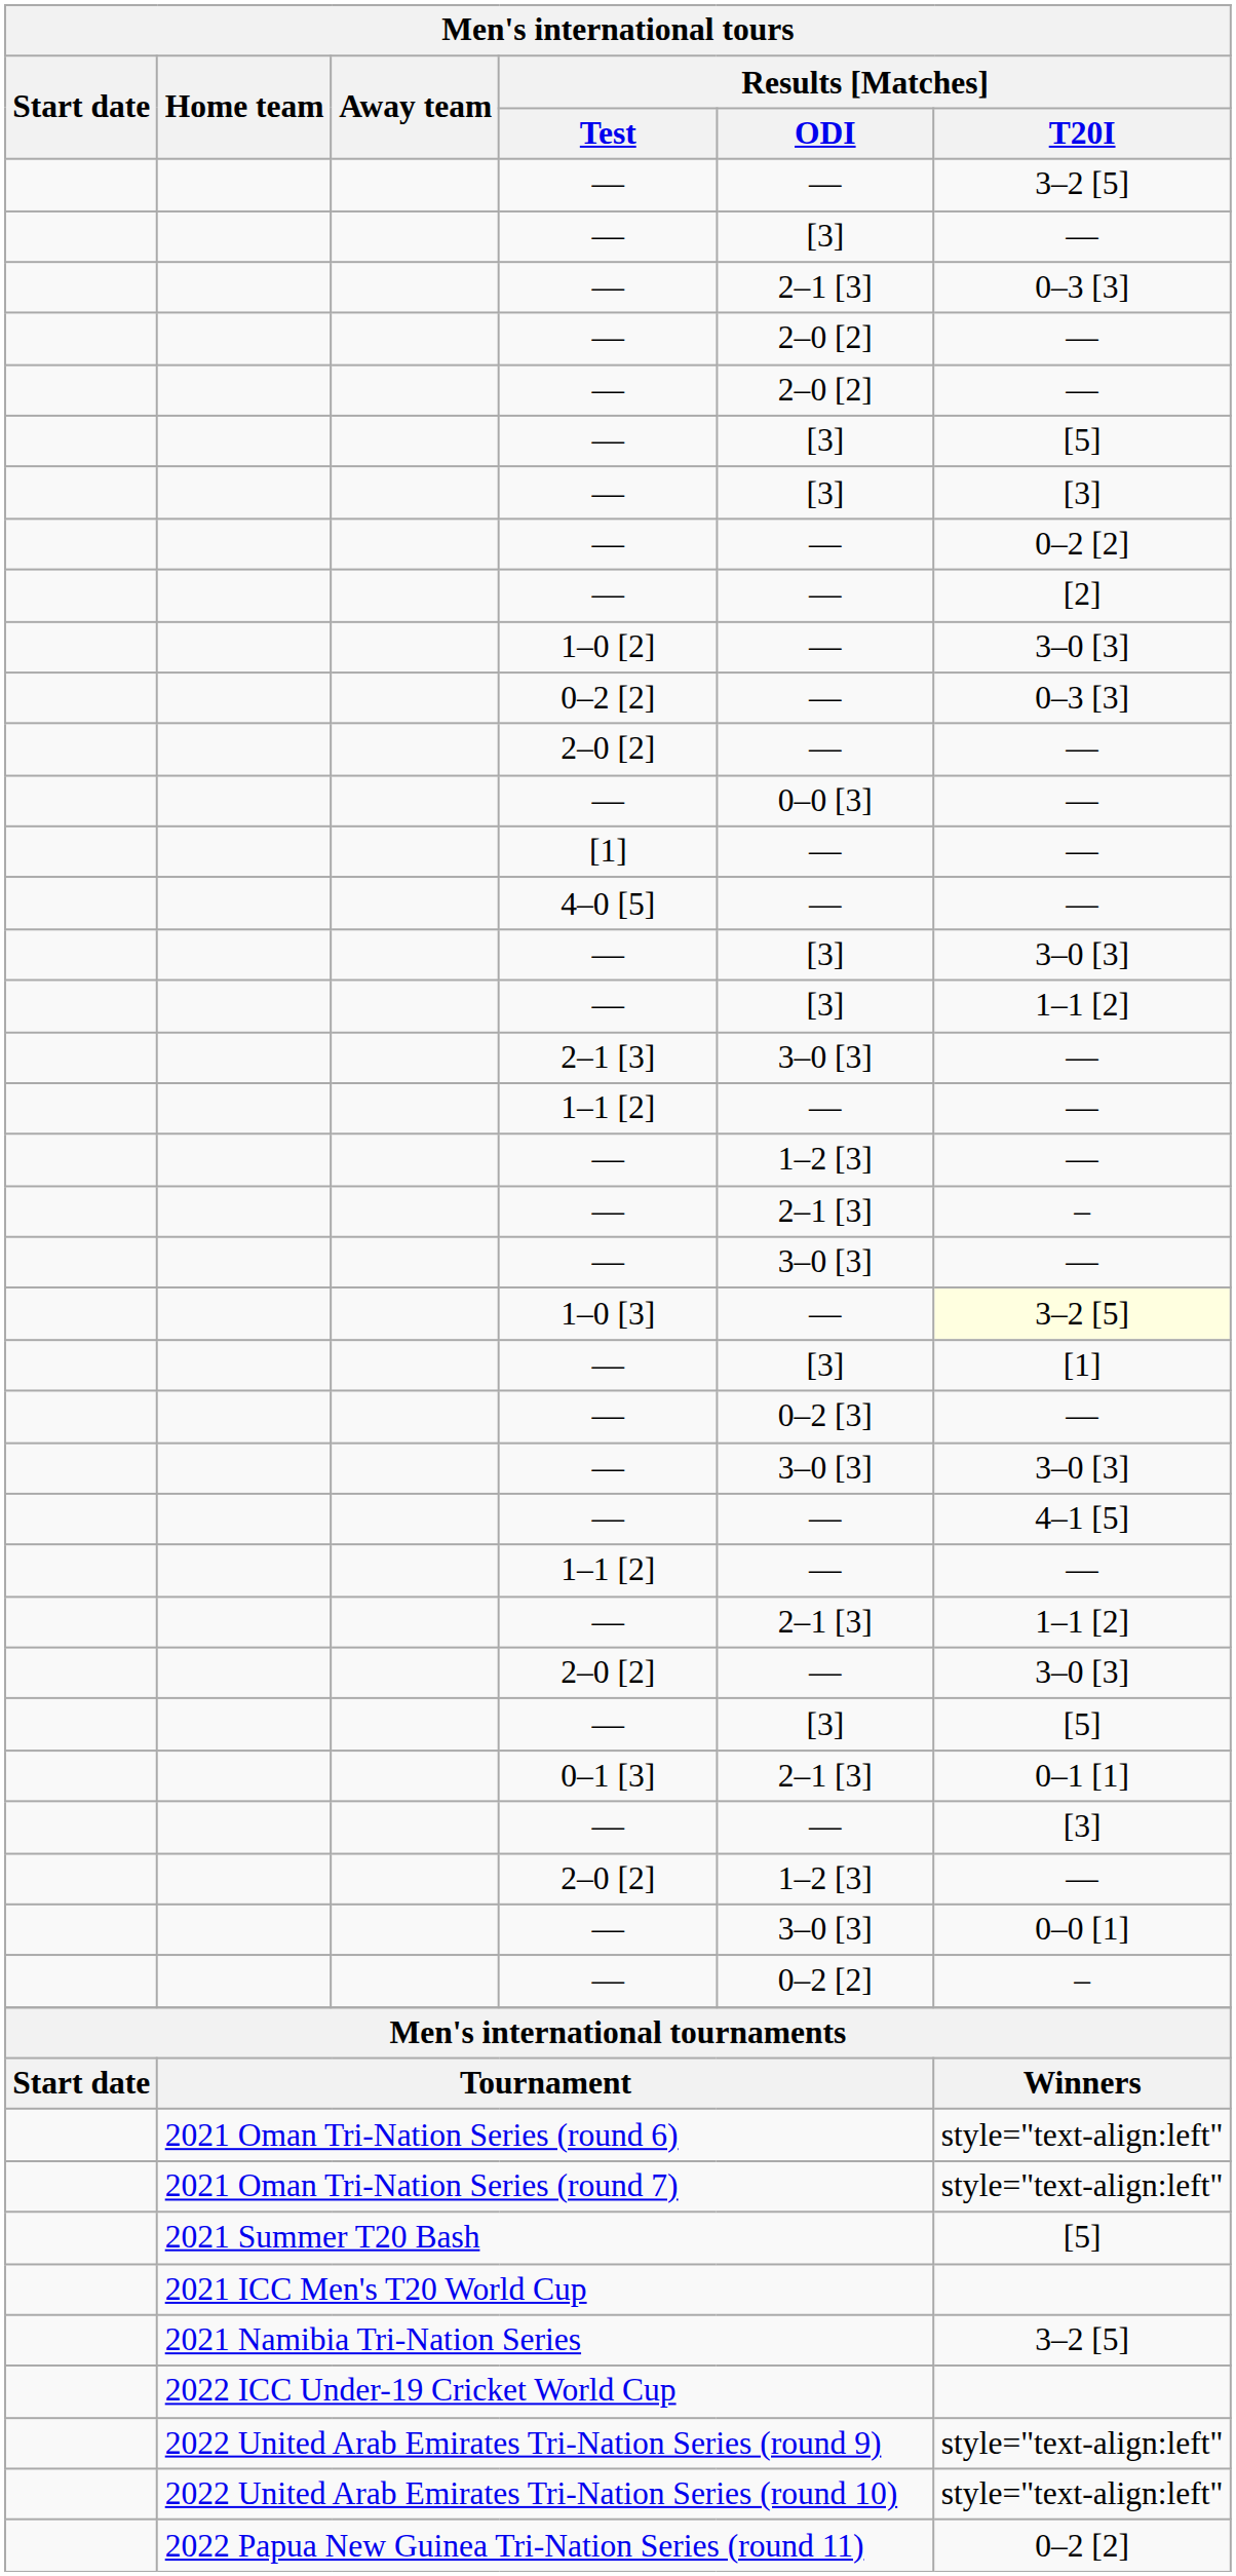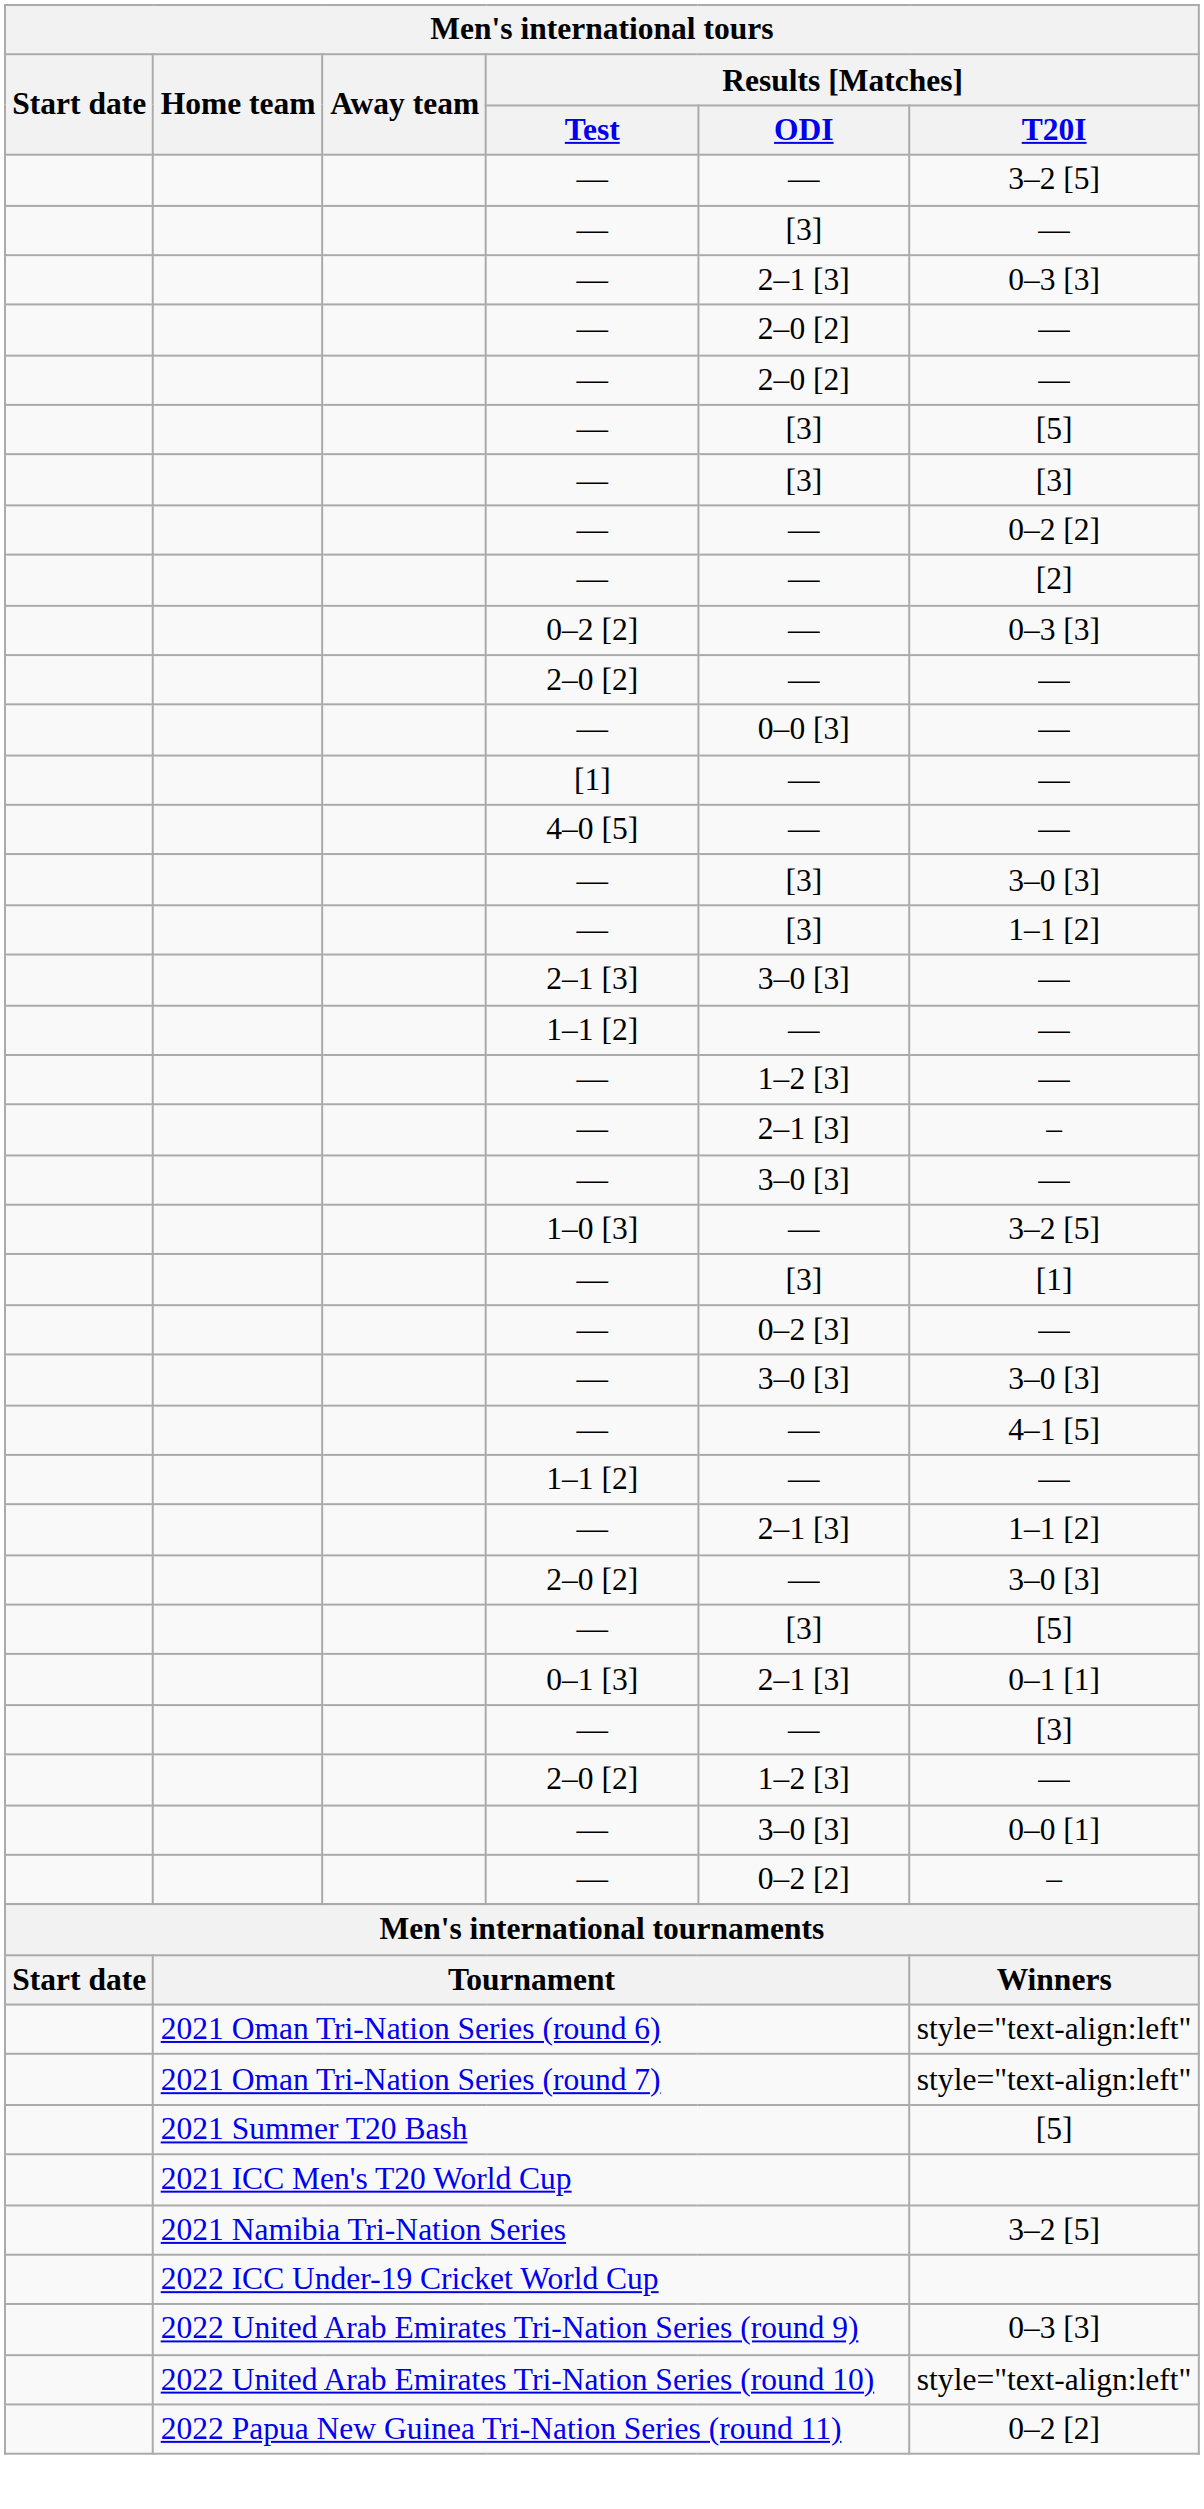 <table class="wikitable ubsortable" style="text-align:center; white-space:nowrap">
 <tr>
 <th colspan=6>Men's international tours</th>
 </tr>
 <tr>
 <th rowspan=2>Start date</th>
 <th rowspan=2>Home team</th>
 <th rowspan=2>Away team</th>
 <th colspan=3>Results [Matches]</th>
 </tr>
 <tr>
 <th width=100><a href='#'>Test</a></th>
 <th width=100><a href='#'>ODI</a></th>
 <th width=100><a href='#'>T20I</a></th>
 </tr>
 <tr>
 <td style="text-align:left"><a href='#'></a></td>
 <td style="text-align:left"></td>
 <td style="text-align:left"></td>
 <td>—</td>
 <td>—</td>
 <td>3–2 [5]</td>
 </tr>
 <tr>
 <td style="text-align:left"><a href='#'></a></td>
 <td style="text-align:left"></td>
 <td style="text-align:left"></td>
 <td>—</td>
 <td>[3]</td>
 <td>—</td>
 </tr>
 <tr>
 <td style="text-align:left"><a href='#'></a></td>
 <td style="text-align:left"></td>
 <td style="text-align:left"></td>
 <td>—</td>
 <td>2–1 [3]</td>
 <td>0–3 [3]</td>
 </tr>
 <tr>
 <td style="text-align:left"><a href='#'></a></td>
 <td style="text-align:left"> </td>
 <td style="text-align:left"></td>
 <td>—</td>
 <td>2–0 [2]</td>
 <td>—</td>
 </tr>
 <tr>
 <td style="text-align:left"><a href='#'></a></td>
 <td style="text-align:left"> </td>
 <td style="text-align:left"></td>
 <td>—</td>
 <td>2–0 [2]</td>
 <td>—</td>
 </tr>
 <tr>
 <td style="text-align:left"><a href='#'></a></td>
 <td style="text-align:left"></td>
 <td style="text-align:left"></td>
 <td>—</td>
 <td>[3]</td>
 <td>[5]</td>
 </tr>
 <tr>
 <td style="text-align:left"><a href='#'></a></td>
 <td style="text-align:left"></td>
 <td style="text-align:left"></td>
 <td>—</td>
 <td>[3]</td>
 <td>[3]</td>
 </tr>
 <tr>
 <td style="text-align:left"><a href='#'></a></td>
 <td style="text-align:left"></td>
 <td style="text-align:left"></td>
 <td>—</td>
 <td>—</td>
 <td>0–2 [2]</td>
 </tr>
 <tr>
 <td style="text-align:left"><a href='#'></a></td>
 <td style="text-align:left"></td>
 <td style="text-align:left"></td>
 <td>—</td>
 <td>—</td>
 <td>[2]</td>
-</tr>
-<tr>
-<td style="text-align:left"><a href='#'></a></td>
-<td style="text-align:left"></td>
-<td style="text-align:left"></td>
-<td>1–0 [2]</td>
-<td>—</td>
-<td>3–0 [3]</td>
 </tr>
 <tr>
 <td style="text-align:left"><a href='#'></a></td>
 <td style="text-align:left"></td>
 <td style="text-align:left"></td>
 <td>0–2 [2]</td>
 <td>—</td>
 <td>0–3 [3]</td>
 </tr>
 <tr>
 <td style="text-align:left"><a href='#'></a></td>
 <td style="text-align:left"></td>
 <td style="text-align:left"></td>
 <td>2–0 [2]</td>
 <td>—</td>
 <td>—</td>
 </tr>
 <tr>
 <td style="text-align:left"><a href='#'></a></td>
 <td style="text-align:left"></td>
 <td style="text-align:left"></td>
 <td>—</td>
 <td>0–0 [3]</td>
 <td>—</td>
 </tr>
 <tr>
 <td style="text-align:left"><a href='#'></a></td>
 <td style="text-align:left"></td>
 <td style="text-align:left"></td>
 <td>[1]</td>
 <td>—</td>
 <td>—</td>
 </tr>
 <tr>
 <td style="text-align:left"><a href='#'></a></td>
 <td style="text-align:left"></td>
 <td style="text-align:left"></td>
 <td>4–0 [5]</td>
 <td>—</td>
 <td>—</td>
 </tr>
 <tr>
 <td style="text-align:left"><a href='#'></a></td>
 <td style="text-align:left"></td>
 <td style="text-align:left"></td>
 <td>—</td>
 <td>[3]</td>
 <td>3–0 [3]</td>
 </tr>
 <tr>
 <td style="text-align:left"><a href='#'></a></td>
 <td style="text-align:left"></td>
 <td style="text-align:left"></td>
 <td>—</td>
 <td>[3]</td>
 <td>1–1 [2]</td>
 </tr>
 <tr>
 <td style="text-align:left"><a href='#'></a></td>
 <td style="text-align:left"></td>
 <td style="text-align:left"></td>
 <td>2–1 [3]</td>
 <td>3–0 [3]</td>
 <td>—</td>
 </tr>
 <tr>
 <td style="text-align:left"><a href='#'></a></td>
 <td style="text-align:left"></td>
 <td style="text-align:left"></td>
 <td>1–1 [2]</td>
 <td>—</td>
 <td>—</td>
 </tr>
 <tr>
 <td style="text-align:left"><a href='#'></a></td>
 <td style="text-align:left"></td>
 <td style="text-align:left"></td>
 <td>—</td>
 <td>1–2 [3]</td>
 <td>—</td>
 </tr>
 <tr>
 <td style="text-align:left"><a href='#'></a></td>
 <td style="text-align:left"></td>
 <td style="text-align:left"></td>
 <td>—</td>
 <td>2–1 [3]</td>
 <td>–</td>
 </tr>
 <tr>
 <td style="text-align:left"><a href='#'></a></td>
 <td style="text-align:left">  </td>
 <td style="text-align:left"></td>
 <td>—</td>
 <td>3–0 [3]</td>
 <td>—</td>
 </tr>
 <tr>
 <td style="text-align:left"><a href='#'></a></td>
 <td style="text-align:left"></td>
 <td style="text-align:left"></td>
 <td>1–0 [3]</td>
 <td>—</td>
-<td style="background: lightyellow;">3–2 [5]</td>
+<td>3–2 [5]</td>
 </tr>
 <tr>
 <td style="text-align:left"><a href='#'></a></td>
 <td style="text-align:left"></td>
 <td style="text-align:left"></td>
 <td>—</td>
 <td>[3]</td>
 <td>[1]</td>
 </tr>
 <tr>
 <td style="text-align:left"><a href='#'></a></td>
 <td style="text-align:left"></td>
 <td style="text-align:left"></td>
 <td>—</td>
 <td>0–2 [3]</td>
 <td>—</td>
 </tr>
 <tr>
 <td style="text-align:left"><a href='#'></a></td>
 <td style="text-align:left"></td>
 <td style="text-align:left"></td>
 <td>—</td>
 <td>3–0 [3]</td>
 <td>3–0 [3]</td>
 </tr>
 <tr>
 <td style="text-align:left"><a href='#'></a></td>
 <td style="text-align:left"></td>
 <td style="text-align:left"></td>
 <td>—</td>
 <td>—</td>
 <td>4–1 [5]</td>
 </tr>
 <tr>
 <td style="text-align:left"><a href='#'></a></td>
 <td style="text-align:left"></td>
 <td style="text-align:left"></td>
 <td>1–1 [2]</td>
 <td>—</td>
 <td>—</td>
 </tr>
 <tr>
 <td style="text-align:left"><a href='#'></a></td>
 <td style="text-align:left"></td>
 <td style="text-align:left"></td>
 <td>—</td>
 <td>2–1 [3]</td>
 <td>1–1 [2]</td>
 </tr>
 <tr>
 <td style="text-align:left"><a href='#'></a></td>
 <td style="text-align:left"></td>
 <td style="text-align:left"></td>
 <td>2–0 [2]</td>
 <td>—</td>
 <td>3–0 [3]</td>
 </tr>
 <tr>
 <td style="text-align:left"><a href='#'></a></td>
 <td style="text-align:left"></td>
 <td style="text-align:left"></td>
 <td>—</td>
 <td>[3]</td>
 <td>[5]</td>
 </tr>
 <tr>
 <td style="text-align:left"><a href='#'></a></td>
 <td style="text-align:left"></td>
 <td style="text-align:left"></td>
 <td>0–1 [3]</td>
 <td>2–1 [3]</td>
 <td>0–1 [1]</td>
 </tr>
 <tr>
 <td style="text-align:left"><a href='#'></a></td>
 <td style="text-align:left"></td>
 <td style="text-align:left"></td>
 <td>—</td>
 <td>—</td>
 <td>[3]</td>
 </tr>
 <tr>
 <td style="text-align:left"><a href='#'></a></td>
 <td style="text-align:left"></td>
 <td style="text-align:left"></td>
 <td>2–0 [2]</td>
 <td>1–2 [3]</td>
 <td>—</td>
 </tr>
 <tr>
 <td style="text-align:left"><a href='#'></a></td>
 <td style="text-align:left"></td>
 <td style="text-align:left"></td>
 <td>—</td>
 <td>3–0 [3]</td>
 <td>0–0 [1]</td>
 </tr>
 <tr>
 <td style="text-align:left"><a href='#'></a></td>
 <td style="text-align:left"></td>
 <td style="text-align:left"></td>
 <td>—</td>
 <td>0–2 [2]</td>
 <td>–</td>
 </tr>
 <tr>
 </tr>
 <tr>
 <th colspan=6>Men's international tournaments</th>
 </tr>
 <tr>
 <th>Start date</th>
 <th colspan=4>Tournament</th>
 <th>Winners</th>
 </tr>
 <tr>
 <td style="text-align:left"><a href='#'></a></td>
 <td style="text-align:left" colspan=4> <a href='#'>2021 Oman Tri-Nation Series (round 6)</a></td>
 <td>style="text-align:left" </td>
 </tr>
 <tr>
 <td style="text-align:left"><a href='#'></a></td>
 <td style="text-align:left" colspan=4> <a href='#'>2021 Oman Tri-Nation Series (round 7)</a></td>
 <td>style="text-align:left" </td>
 </tr>
 <tr>
 <td style="text-align:left"><a href='#'></a></td>
 <td style="text-align:left" colspan=4> <a href='#'>2021 Summer T20 Bash</a></td>
 <td>[5]</td>
 </tr>
 <tr>
 <td style="text-align:left"><a href='#'></a></td>
 <td style="text-align:left" colspan=4>  <a href='#'>2021 ICC Men's T20 World Cup</a></td>
 <td style="text-align:left"></td>
 </tr>
 <tr>
 <td style="text-align:left"><a href='#'></a></td>
 <td style="text-align:left" colspan=4> <a href='#'>2021 Namibia Tri-Nation Series</a></td>
 <td>3–2 [5]</td>
 </tr>
 <tr>
 <td style="text-align:left"><a href='#'></a></td>
 <td style="text-align:left" colspan=4> <a href='#'>2022 ICC Under-19 Cricket World Cup</a></td>
 <td style="text-align:left"></td>
 </tr>
 <tr>
 <td style="text-align:left"><a href='#'></a></td>
 <td style="text-align:left" colspan=4> <a href='#'>2022 United Arab Emirates Tri-Nation Series (round 9)</a></td>
-<td>style="text-align:left" </td>
+<td>0–3 [3]</td>
 </tr>
 <tr>
 <td style="text-align:left"><a href='#'></a></td>
 <td style="text-align:left" colspan=4> <a href='#'>2022 United Arab Emirates Tri-Nation Series (round 10)</a></td>
 <td>style="text-align:left" </td>
 </tr>
 <tr>
 <td style="text-align:left"><a href='#'></a></td>
 <td style="text-align:left" colspan=4>  <a href='#'>2022 Papua New Guinea Tri-Nation Series (round 11)</a></td>
 <td>0–2 [2]</td>
 </tr>
 </table>
